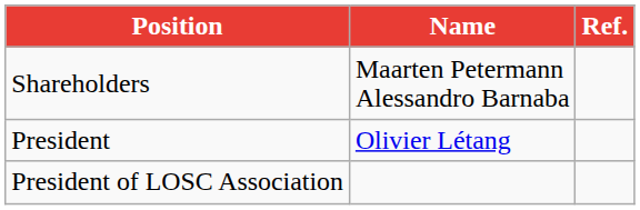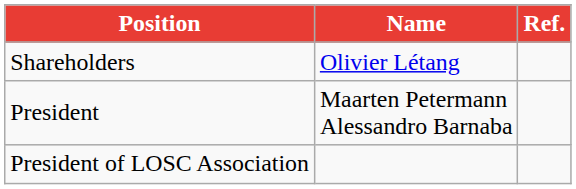 <table class="wikitable">
 <tr>
 <th style="background:#E83C34; color:#FFFFFF; ">Position</th>
 <th style="background:#E83C34; color:#FFFFFF; ">Name</th>
 <th style="background:#E83C34; color:#FFFFFF; ">Ref.</th>
 </tr>
 <tr>
 <td>Shareholders</td>
-<td> Maarten Petermann<br> Alessandro Barnaba</td>
+<td> <a href='#'>Olivier Létang</a></td>
 <td align=center></td>
 </tr>
 <tr>
 <td>President</td>
-<td> <a href='#'>Olivier Létang</a></td>
+<td> Maarten Petermann<br> Alessandro Barnaba</td>
 <td align=center></td>
 </tr>
 <tr>
 <td>President of LOSC Association</td>
 <td> </td>
 <td align=center></td>
 </tr>
 </table>
